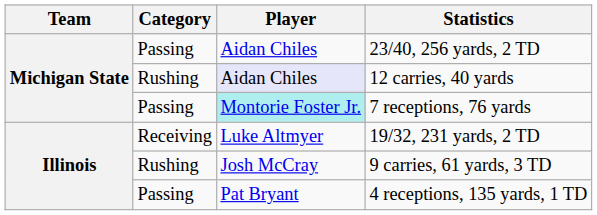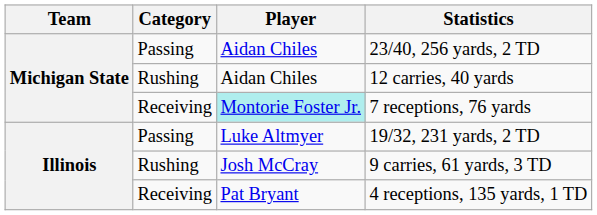 <table class="wikitable" style="float:right">
 <tr>
 <th>Team</th>
 <th>Category</th>
 <th>Player</th>
 <th>Statistics</th>
 </tr>
 <tr>
 <th rowspan=3>Michigan State</th>
 <td>Passing</td>
 <td><a href='#'>Aidan Chiles</a></td>
 <td>23/40, 256 yards, 2 TD</td>
 </tr>
 <tr>
 <td>Rushing</td>
-<td style="background: lavender;">Aidan Chiles</td>
+<td>Aidan Chiles</td>
 <td>12 carries, 40 yards</td>
 </tr>
 <tr>
-<td>Passing</td>
+<td>Receiving</td>
 <td style="background: paleturquoise;"><a href='#'>Montorie Foster Jr.</a></td>
 <td>7 receptions, 76 yards</td>
 </tr>
 <tr>
 <th rowspan=3>Illinois</th>
-<td>Receiving</td>
+<td>Passing</td>
 <td><a href='#'>Luke Altmyer</a></td>
 <td>19/32, 231 yards, 2 TD</td>
 </tr>
 <tr>
 <td>Rushing</td>
 <td><a href='#'>Josh McCray</a></td>
 <td>9 carries, 61 yards, 3 TD</td>
 </tr>
 <tr>
-<td>Passing</td>
+<td>Receiving</td>
 <td><a href='#'>Pat Bryant</a></td>
 <td>4 receptions, 135 yards, 1 TD</td>
 </tr>
 </table>
